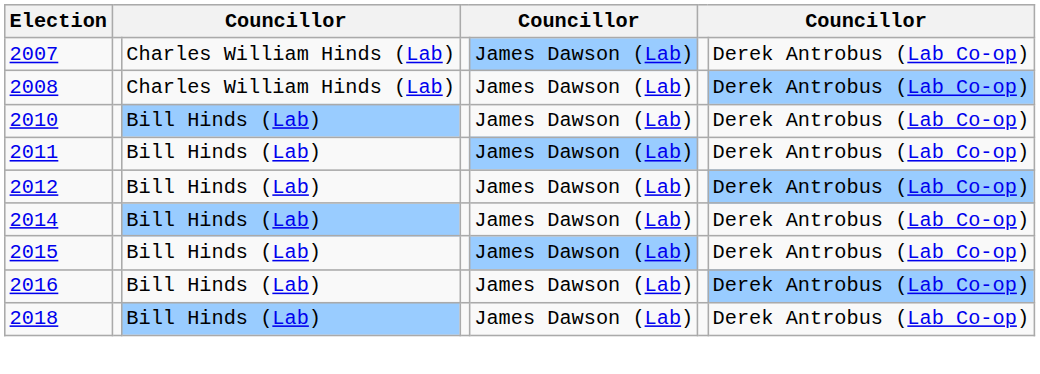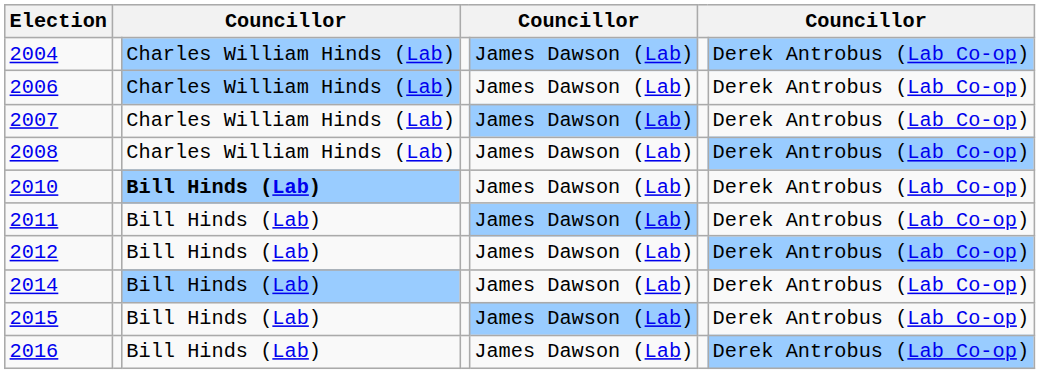 <table class="wikitable">
 <tr>
 <th>Election</th>
 <th colspan="2">Councillor</th>
 <th colspan="2">Councillor</th>
 <th colspan="2">Councillor</th>
+</tr>
+<tr>
+<td><a href='#'>2004</a></td>
+<td style="background-color: "></td>
+<td bgcolor="#99CCFF">Charles William Hinds (<a href='#'>Lab</a>)</td>
+<td style="background-color: "></td>
+<td bgcolor="#99CCFF">James Dawson (<a href='#'>Lab</a>)</td>
+<td style="background-color: "></td>
+<td bgcolor="#99CCFF">Derek Antrobus (<a href='#'>Lab Co-op</a>)</td>
+</tr>
+<tr>
+<td><a href='#'>2006</a></td>
+<td style="background-color: "></td>
+<td bgcolor="#99CCFF">Charles William Hinds (<a href='#'>Lab</a>)</td>
+<td style="background-color: "></td>
+<td>James Dawson (<a href='#'>Lab</a>)</td>
+<td style="background-color: "></td>
+<td>Derek Antrobus (<a href='#'>Lab Co-op</a>)</td>
 </tr>
 <tr>
 <td><a href='#'>2007</a></td>
 <td style="background-color: "></td>
 <td>Charles William Hinds (<a href='#'>Lab</a>)</td>
 <td style="background-color: "></td>
 <td bgcolor="#99CCFF">James Dawson (<a href='#'>Lab</a>)</td>
 <td style="background-color: "></td>
 <td>Derek Antrobus (<a href='#'>Lab Co-op</a>)</td>
 </tr>
 <tr>
 <td><a href='#'>2008</a></td>
 <td style="background-color: "></td>
 <td>Charles William Hinds (<a href='#'>Lab</a>)</td>
 <td style="background-color: "></td>
 <td>James Dawson (<a href='#'>Lab</a>)</td>
 <td style="background-color: "></td>
 <td bgcolor="#99CCFF">Derek Antrobus (<a href='#'>Lab Co-op</a>)</td>
 </tr>
 <tr>
 <td><a href='#'>2010</a></td>
 <td style="background-color: "></td>
-<td bgcolor="#99CCFF">Bill Hinds (<a href='#'>Lab</a>)</td>
+<td bgcolor="#99CCFF"><strong>Bill Hinds (<a href='#'>Lab</a>)</strong></td>
 <td style="background-color: "></td>
 <td>James Dawson (<a href='#'>Lab</a>)</td>
 <td style="background-color: "></td>
 <td>Derek Antrobus (<a href='#'>Lab Co-op</a>)</td>
 </tr>
 <tr>
 <td><a href='#'>2011</a></td>
 <td style="background-color: "></td>
 <td>Bill Hinds (<a href='#'>Lab</a>)</td>
 <td style="background-color: "></td>
 <td bgcolor="#99CCFF">James Dawson (<a href='#'>Lab</a>)</td>
 <td style="background-color: "></td>
 <td>Derek Antrobus (<a href='#'>Lab Co-op</a>)</td>
 </tr>
 <tr>
 <td><a href='#'>2012</a></td>
 <td style="background-color: "></td>
 <td>Bill Hinds (<a href='#'>Lab</a>)</td>
 <td style="background-color: "></td>
 <td>James Dawson (<a href='#'>Lab</a>)</td>
 <td style="background-color: "></td>
 <td bgcolor="#99CCFF">Derek Antrobus (<a href='#'>Lab Co-op</a>)</td>
 </tr>
 <tr>
 <td><a href='#'>2014</a></td>
 <td style="background-color: "></td>
 <td bgcolor="#99CCFF">Bill Hinds (<a href='#'>Lab</a>)</td>
 <td style="background-color: "></td>
 <td>James Dawson (<a href='#'>Lab</a>)</td>
 <td style="background-color: "></td>
 <td>Derek Antrobus (<a href='#'>Lab Co-op</a>)</td>
 </tr>
 <tr>
 <td><a href='#'>2015</a></td>
 <td style="background-color: "></td>
 <td>Bill Hinds (<a href='#'>Lab</a>)</td>
 <td style="background-color: "></td>
 <td bgcolor="#99CCFF">James Dawson (<a href='#'>Lab</a>)</td>
 <td style="background-color: "></td>
 <td>Derek Antrobus (<a href='#'>Lab Co-op</a>)</td>
 </tr>
 <tr>
 <td><a href='#'>2016</a></td>
 <td style="background-color: "></td>
 <td>Bill Hinds (<a href='#'>Lab</a>)</td>
 <td style="background-color: "></td>
 <td>James Dawson (<a href='#'>Lab</a>)</td>
 <td style="background-color: "></td>
 <td bgcolor="#99CCFF">Derek Antrobus (<a href='#'>Lab Co-op</a>)</td>
 </tr>
-<tr>
-<td><a href='#'>2018</a></td>
-<td style="background-color: "></td>
-<td bgcolor="#99CCFF">Bill Hinds (<a href='#'>Lab</a>)</td>
-<td style="background-color: "></td>
-<td>James Dawson (<a href='#'>Lab</a>)</td>
-<td style="background-color: "></td>
-<td>Derek Antrobus (<a href='#'>Lab Co-op</a>)</td>
-</tr>
 </table>
